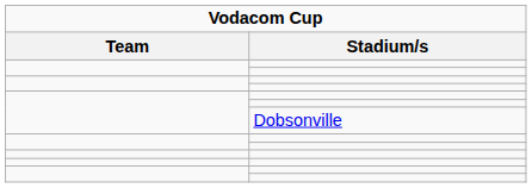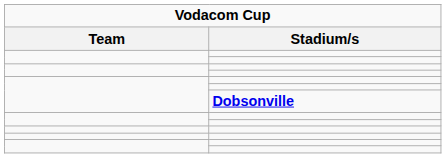 <table class="wikitable">
 <tr>
 <td colspan=3 align=center><strong>Vodacom Cup</strong></td>
 </tr>
 <tr>
 <th width="220">Team</th>
 <th width="250">Stadium/s</th>
 </tr>
 <tr>
 <td rowspan=2></td>
 <td></td>
 </tr>
 <tr>
 <td></td>
 </tr>
 <tr>
 <td rowspan=2></td>
 <td></td>
 </tr>
 <tr>
 <td></td>
 </tr>
 <tr>
 <td rowspan=3></td>
 <td></td>
 </tr>
 <tr>
 <td></td>
 </tr>
 <tr>
-<td><a href='#'>Dobsonville</a></td>
+<td><strong><a href='#'>Dobsonville</a></strong></td>
 </tr>
 <tr>
 <td rowspan=2></td>
 <td></td>
 </tr>
 <tr>
 <td></td>
 </tr>
 <tr>
 <td></td>
 <td></td>
 </tr>
 <tr>
 <td></td>
 <td></td>
 </tr>
 <tr>
 <td rowspan=2></td>
 <td></td>
 </tr>
 <tr>
 <td></td>
 </tr>
 </table>
